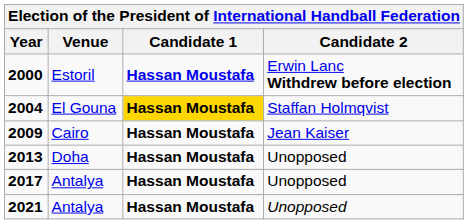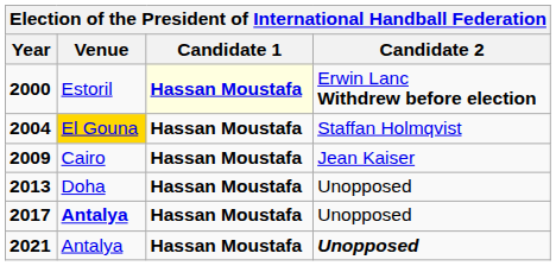 <table class="wikitable">
 <tr>
 <th colspan="4">Election of the President of <a href='#'>International Handball Federation</a></th>
 </tr>
 <tr>
 <th>Year</th>
 <th>Venue</th>
 <th>Candidate 1</th>
 <th>Candidate 2</th>
 </tr>
 <tr>
 <td><strong>2000</strong></td>
 <td> <a href='#'>Estoril</a></td>
-<td> <strong><a href='#'>Hassan Moustafa</a></strong> <br> <strong></strong></td>
+<td style="background: lightyellow;"> <strong><a href='#'>Hassan Moustafa</a></strong> <br> <strong></strong></td>
 <td> <a href='#'>Erwin Lanc</a> <br> <strong>Withdrew before election</strong></td>
 </tr>
 <tr>
 <td><strong>2004</strong></td>
-<td> <a href='#'>El Gouna</a></td>
-<td style="background: gold;"> <strong>Hassan Moustafa</strong> <br> <strong></strong></td>
+<td style="background: gold;"> <a href='#'>El Gouna</a></td>
+<td> <strong>Hassan Moustafa</strong> <br> <strong></strong></td>
 <td> <a href='#'>Staffan Holmqvist</a> <br> <strong></strong></td>
 </tr>
 <tr>
 <td><strong>2009</strong></td>
 <td> <a href='#'>Cairo</a></td>
 <td> <strong>Hassan Moustafa</strong> <br> <strong></strong></td>
 <td> <a href='#'>Jean Kaiser</a> <br> <strong></strong></td>
 </tr>
 <tr>
 <td><strong>2013</strong></td>
 <td> <a href='#'>Doha</a></td>
 <td> <strong>Hassan Moustafa</strong> <br> <strong></strong></td>
 <td>Unopposed</td>
 </tr>
 <tr>
 <td><strong>2017</strong></td>
-<td> <a href='#'>Antalya</a></td>
+<td><strong> <a href='#'>Antalya</a></strong></td>
 <td> <strong>Hassan Moustafa</strong> <br> <strong></strong></td>
 <td>Unopposed</td>
 </tr>
 <tr>
 <td><strong>2021</strong></td>
 <td> <a href='#'>Antalya</a></td>
 <td> <strong>Hassan Moustafa</strong> <br> <strong></strong></td>
-<td><em>Unopposed</em></td>
+<td><strong><em>Unopposed</em></strong></td>
 </tr>
 </table>
